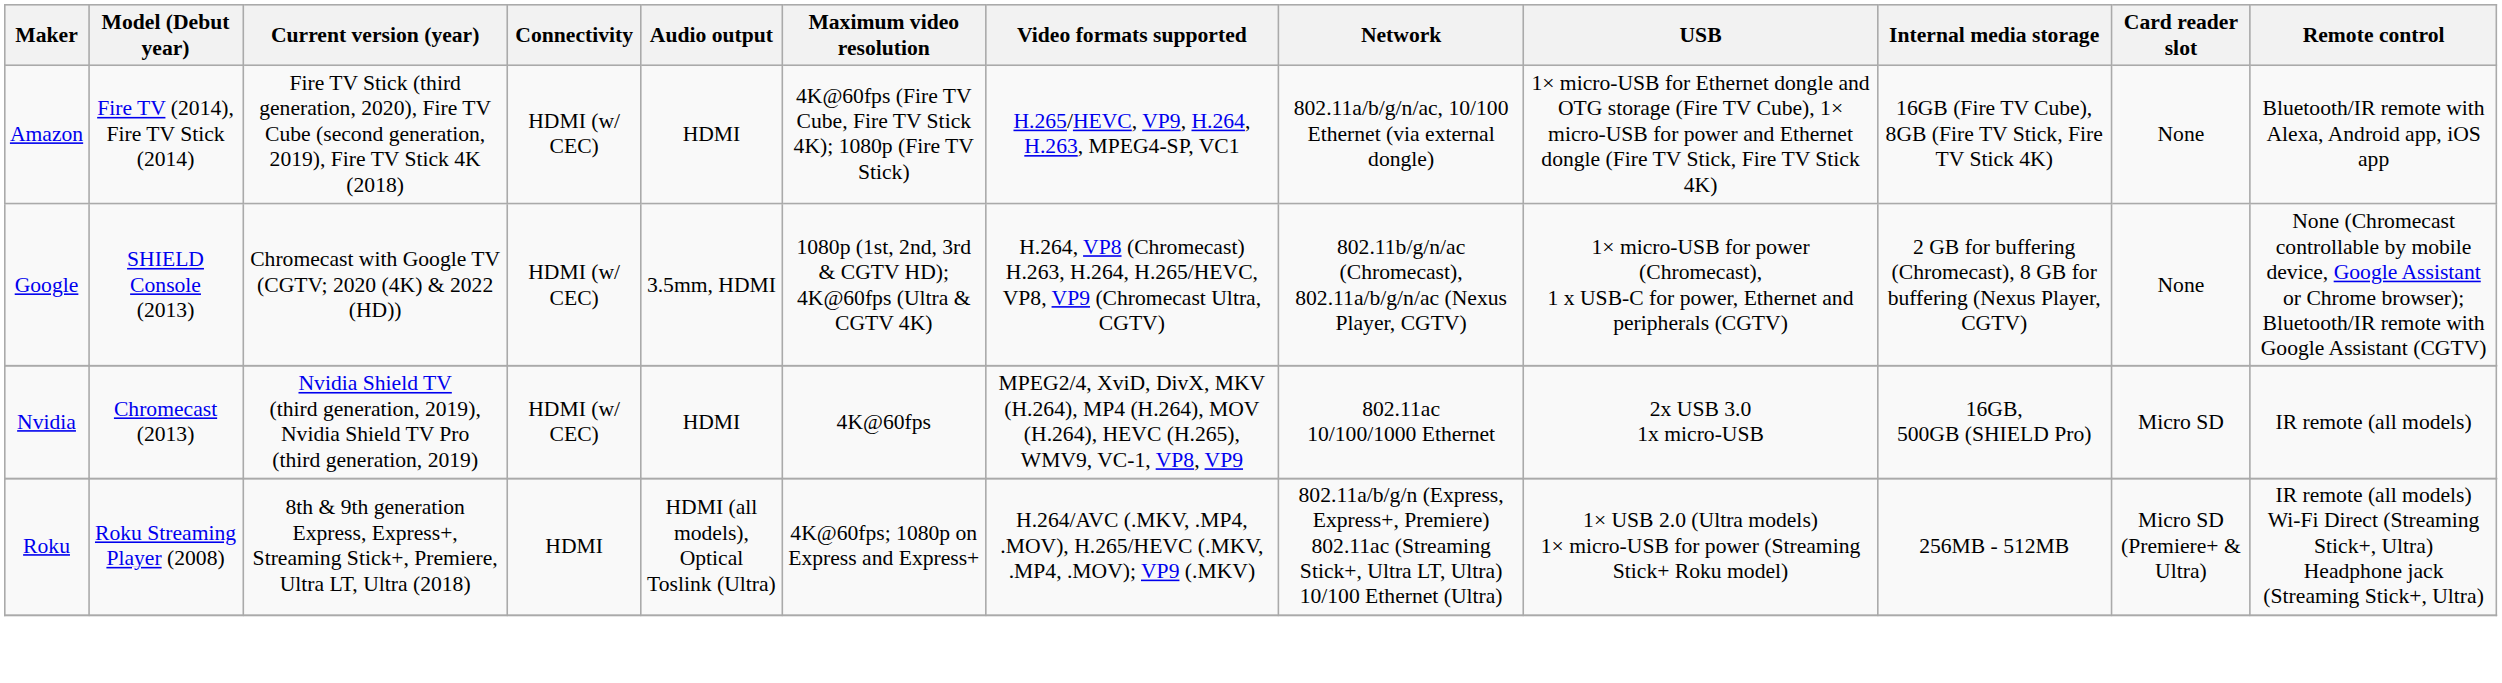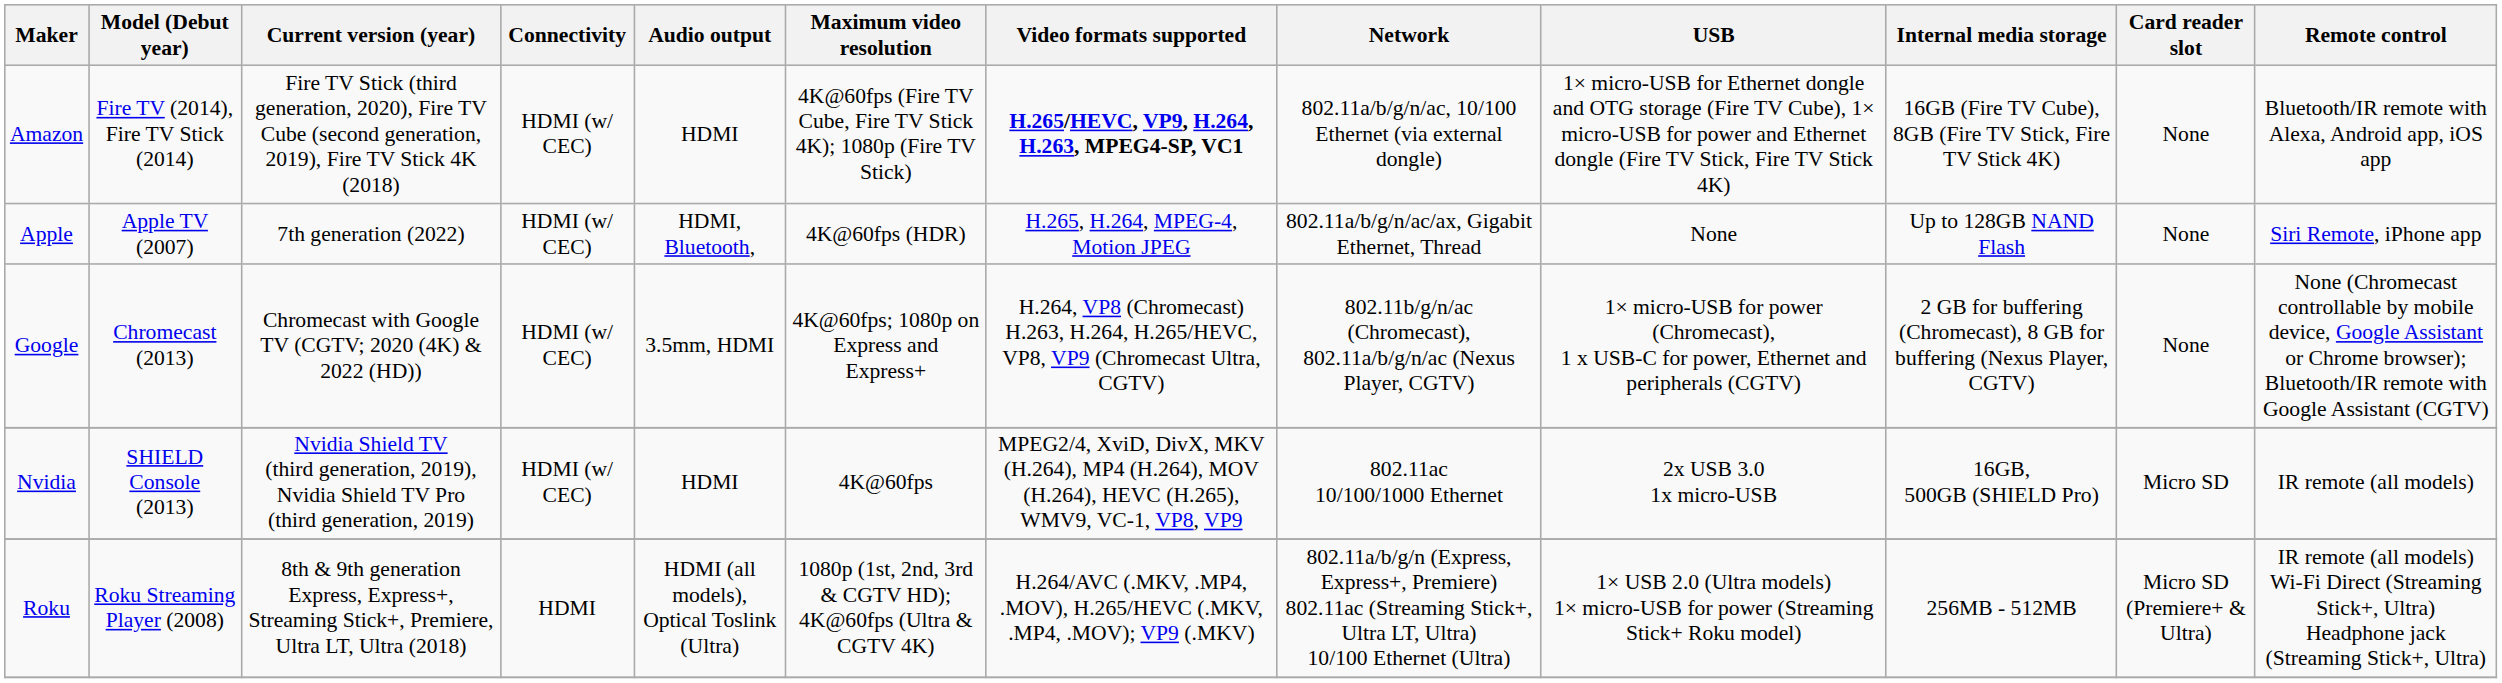 <table class="wikitable sortable" style="font-size:85%; width:99%; text-align:center;">
 <tr>
 <th>Maker</th>
 <th>Model (Debut year)</th>
 <th>Current version (year)</th>
 <th>Connectivity</th>
 <th>Audio output</th>
 <th>Maximum video resolution</th>
 <th>Video formats supported</th>
 <th>Network</th>
 <th>USB</th>
 <th>Internal media storage</th>
 <th>Card reader slot</th>
 <th>Remote control<br></th>
 </tr>
 <tr>
 <td><a href='#'>Amazon</a></td>
 <td><a href='#'>Fire TV</a> (2014), Fire TV Stick (2014)</td>
 <td>Fire TV Stick (third generation, 2020), Fire TV Cube (second generation, 2019), Fire TV Stick 4K (2018)</td>
 <td>HDMI (w/ CEC)</td>
 <td>HDMI</td>
 <td>4K@60fps (Fire TV Cube, Fire TV Stick 4K); 1080p (Fire TV Stick)</td>
-<td><a href='#'>H.265</a>/<a href='#'>HEVC</a>, <a href='#'>VP9</a>, <a href='#'>H.264</a>, <a href='#'>H.263</a>, MPEG4-SP, VC1</td>
+<td><strong><a href='#'>H.265</a>/<a href='#'>HEVC</a>, <a href='#'>VP9</a>, <a href='#'>H.264</a>, <a href='#'>H.263</a>, MPEG4-SP, VC1</strong></td>
 <td>802.11a/b/g/n/ac, 10/100 Ethernet (via external dongle)</td>
 <td>1× micro-USB for Ethernet dongle and OTG storage (Fire TV Cube), 1× micro-USB for power and Ethernet dongle (Fire TV Stick, Fire TV Stick 4K)</td>
 <td>16GB (Fire TV Cube), 8GB (Fire TV Stick, Fire TV Stick 4K)</td>
 <td>None</td>
 <td>Bluetooth/IR remote with Alexa, Android app, iOS app</td>
 </tr>
 <tr>
+<td><a href='#'>Apple</a></td>
+<td><a href='#'>Apple TV</a> (2007)</td>
+<td>7th generation (2022)</td>
+<td>HDMI (w/ CEC)</td>
+<td>HDMI, <a href='#'>Bluetooth</a>,</td>
+<td>4K@60fps (HDR)</td>
+<td><a href='#'>H.265</a>, <a href='#'>H.264</a>, <a href='#'>MPEG-4</a>, <a href='#'>Motion JPEG</a></td>
+<td>802.11a/b/g/n/ac/ax, Gigabit Ethernet, Thread</td>
+<td>None</td>
+<td>Up to 128GB <a href='#'>NAND Flash</a></td>
+<td>None</td>
+<td><a href='#'>Siri Remote</a>, iPhone app</td>
+</tr>
+<tr>
 <td><a href='#'>Google</a></td>
-<td><a href='#'>SHIELD Console</a><br>(2013)</td>
+<td><a href='#'>Chromecast</a> (2013)</td>
 <td>Chromecast with Google TV (CGTV; 2020 (4K) & 2022 (HD))</td>
 <td>HDMI (w/ CEC)</td>
 <td>3.5mm, HDMI</td>
-<td>1080p (1st, 2nd, 3rd & CGTV HD); 4K@60fps (Ultra & CGTV 4K)</td>
+<td>4K@60fps; 1080p on Express and Express+</td>
 <td>H.264, <a href='#'>VP8</a> (Chromecast)<br>H.263, H.264, H.265/HEVC, VP8, <a href='#'>VP9</a> (Chromecast Ultra, CGTV)</td>
 <td>802.11b/g/n/ac (Chromecast), 802.11a/b/g/n/ac (Nexus Player, CGTV)</td>
 <td>1× micro-USB for power (Chromecast),<br>1 x USB-C for power, Ethernet and peripherals (CGTV)</td>
 <td>2 GB for buffering (Chromecast), 8 GB for buffering (Nexus Player, CGTV)</td>
 <td>None</td>
 <td>None (Chromecast controllable by mobile device, <a href='#'>Google Assistant</a> or Chrome browser);<br>Bluetooth/IR remote with Google Assistant (CGTV)</td>
 </tr>
 <tr>
 </tr>
 <tr>
 <td><a href='#'>Nvidia</a></td>
-<td><a href='#'>Chromecast</a> (2013)</td>
+<td><a href='#'>SHIELD Console</a><br>(2013)</td>
 <td><a href='#'>Nvidia Shield TV</a> <br>(third generation, 2019), Nvidia Shield TV Pro<br>(third generation, 2019)</td>
 <td>HDMI (w/ CEC)</td>
 <td>HDMI</td>
 <td>4K@60fps</td>
 <td>MPEG2/4, XviD, DivX, MKV (H.264), MP4 (H.264), MOV (H.264), HEVC (H.265), WMV9, VC-1, <a href='#'>VP8</a>, <a href='#'>VP9</a></td>
 <td>802.11ac <br>10/100/1000 Ethernet</td>
 <td>2x USB 3.0<br>1x micro-USB</td>
 <td>16GB,<br>500GB (SHIELD Pro)</td>
 <td>Micro SD</td>
 <td>IR remote (all models)</td>
 </tr>
 <tr>
 </tr>
 <tr>
 <td><a href='#'>Roku</a></td>
 <td><a href='#'>Roku Streaming Player</a> (2008)</td>
 <td>8th & 9th generation<br>Express, Express+, Streaming Stick+, Premiere, Ultra LT, Ultra (2018)</td>
 <td>HDMI</td>
 <td>HDMI (all models), Optical Toslink (Ultra)</td>
-<td>4K@60fps; 1080p on Express and Express+</td>
+<td>1080p (1st, 2nd, 3rd & CGTV HD); 4K@60fps (Ultra & CGTV 4K)</td>
 <td>H.264/AVC (.MKV, .MP4, .MOV), H.265/HEVC (.MKV, .MP4, .MOV); <a href='#'>VP9</a> (.MKV)</td>
 <td>802.11a/b/g/n (Express, Express+, Premiere)<br>802.11ac (Streaming Stick+, Ultra LT, Ultra)<br>10/100 Ethernet (Ultra)</td>
 <td>1× USB 2.0 (Ultra models)<br>1× micro-USB for power (Streaming Stick+ Roku model)</td>
 <td>256MB - 512MB</td>
 <td>Micro SD (Premiere+ & Ultra)</td>
 <td>IR remote (all models)<br>Wi-Fi Direct (Streaming Stick+, Ultra)<br>Headphone jack (Streaming Stick+, Ultra)</td>
 </tr>
 <tr>
 </tr>
 </table>
